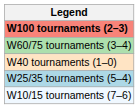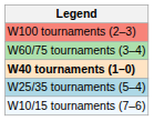 <table class="wikitable" style=font-size:85%;>
 <tr>
 <th>Legend</th>
 </tr>
 <tr style="background:#f88379;">
-<td><strong>W100 tournaments (2–3)</strong></td>
+<td>W100 tournaments (2–3)</td>
 </tr>
 <tr style="background:#addfad;">
 <td>W60/75 tournaments (3–4)</td>
 </tr>
 <tr style="background:#ffe4c4;">
-<td>W40 tournaments (1–0)</td>
+<td><strong>W40 tournaments (1–0)</strong></td>
 </tr>
 <tr style="background:lightblue;">
 <td>W25/35 tournaments (5–4)</td>
 </tr>
 <tr style="background:#f0f8ff;">
 <td>W10/15 tournaments (7–6)</td>
 </tr>
 </table>
